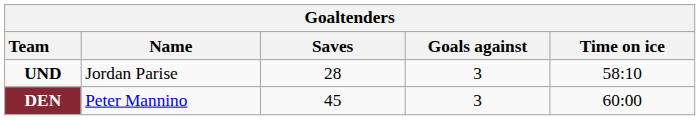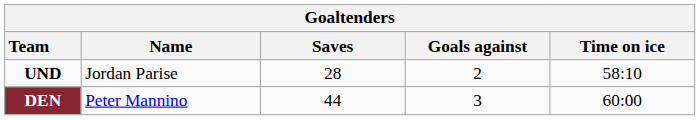 <table class="wikitable" style="width:40em; text-align:right;">
 <tr>
 <th colspan=5>Goaltenders</th>
 </tr>
 <tr>
 <th style="width:4em; text-align:left;">Team</th>
 <th style="width:10em;">Name</th>
 <th style="width:8em;">Saves</th>
 <th style="width:8em;">Goals against</th>
 <th style="width:8em;">Time on ice</th>
 </tr>
 <tr>
 <td align=center><strong>UND</strong></td>
 <td style="text-align:left;">Jordan Parise</td>
 <td align=center>28</td>
-<td align=center>3</td>
+<td align=center>2</td>
 <td align=center>58:10</td>
 </tr>
 <tr>
 <td align=center style="color:white; background:#862633; "><strong>DEN</strong></td>
 <td style="text-align:left;"><a href='#'>Peter Mannino</a></td>
-<td align=center>45</td>
+<td align=center>44</td>
 <td align=center>3</td>
 <td align=center>60:00</td>
 </tr>
 </table>
